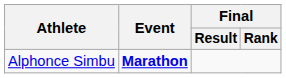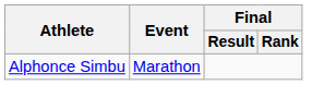 <table class="wikitable" style="font-size:90%">
 <tr>
 <th rowspan="2">Athlete</th>
 <th rowspan="2">Event</th>
 <th colspan="2">Final</th>
 </tr>
 <tr style="font-size:95%">
 <th>Result</th>
 <th>Rank</th>
 </tr>
 <tr align=center>
 <td align=left><a href='#'>Alphonce Simbu</a></td>
-<td align=left><strong><a href='#'>Marathon</a></strong></td>
+<td align=left><a href='#'>Marathon</a></td>
 <td colspan=2></td>
 </tr>
 </table>
